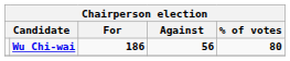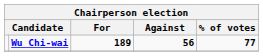 <table class="wikitable" style="text-align:right">
 <tr>
 <th colspan=6>Chairperson election</th>
 </tr>
 <tr>
 <th colspan=2>Candidate</th>
 <th width=80px>For</th>
 <th width=80px>Against</th>
 <th>% of votes</th>
 </tr>
 <tr>
 <td></td>
 <td align=left><strong><a href='#'>Wu Chi-wai</a></strong></td>
-<td><strong>186</strong></td>
+<td><strong>189</strong></td>
 <td><strong> 56</strong></td>
-<td><strong>80</strong></td>
+<td><strong>77</strong></td>
 </tr>
 <tr>
 </tr>
 </table>
